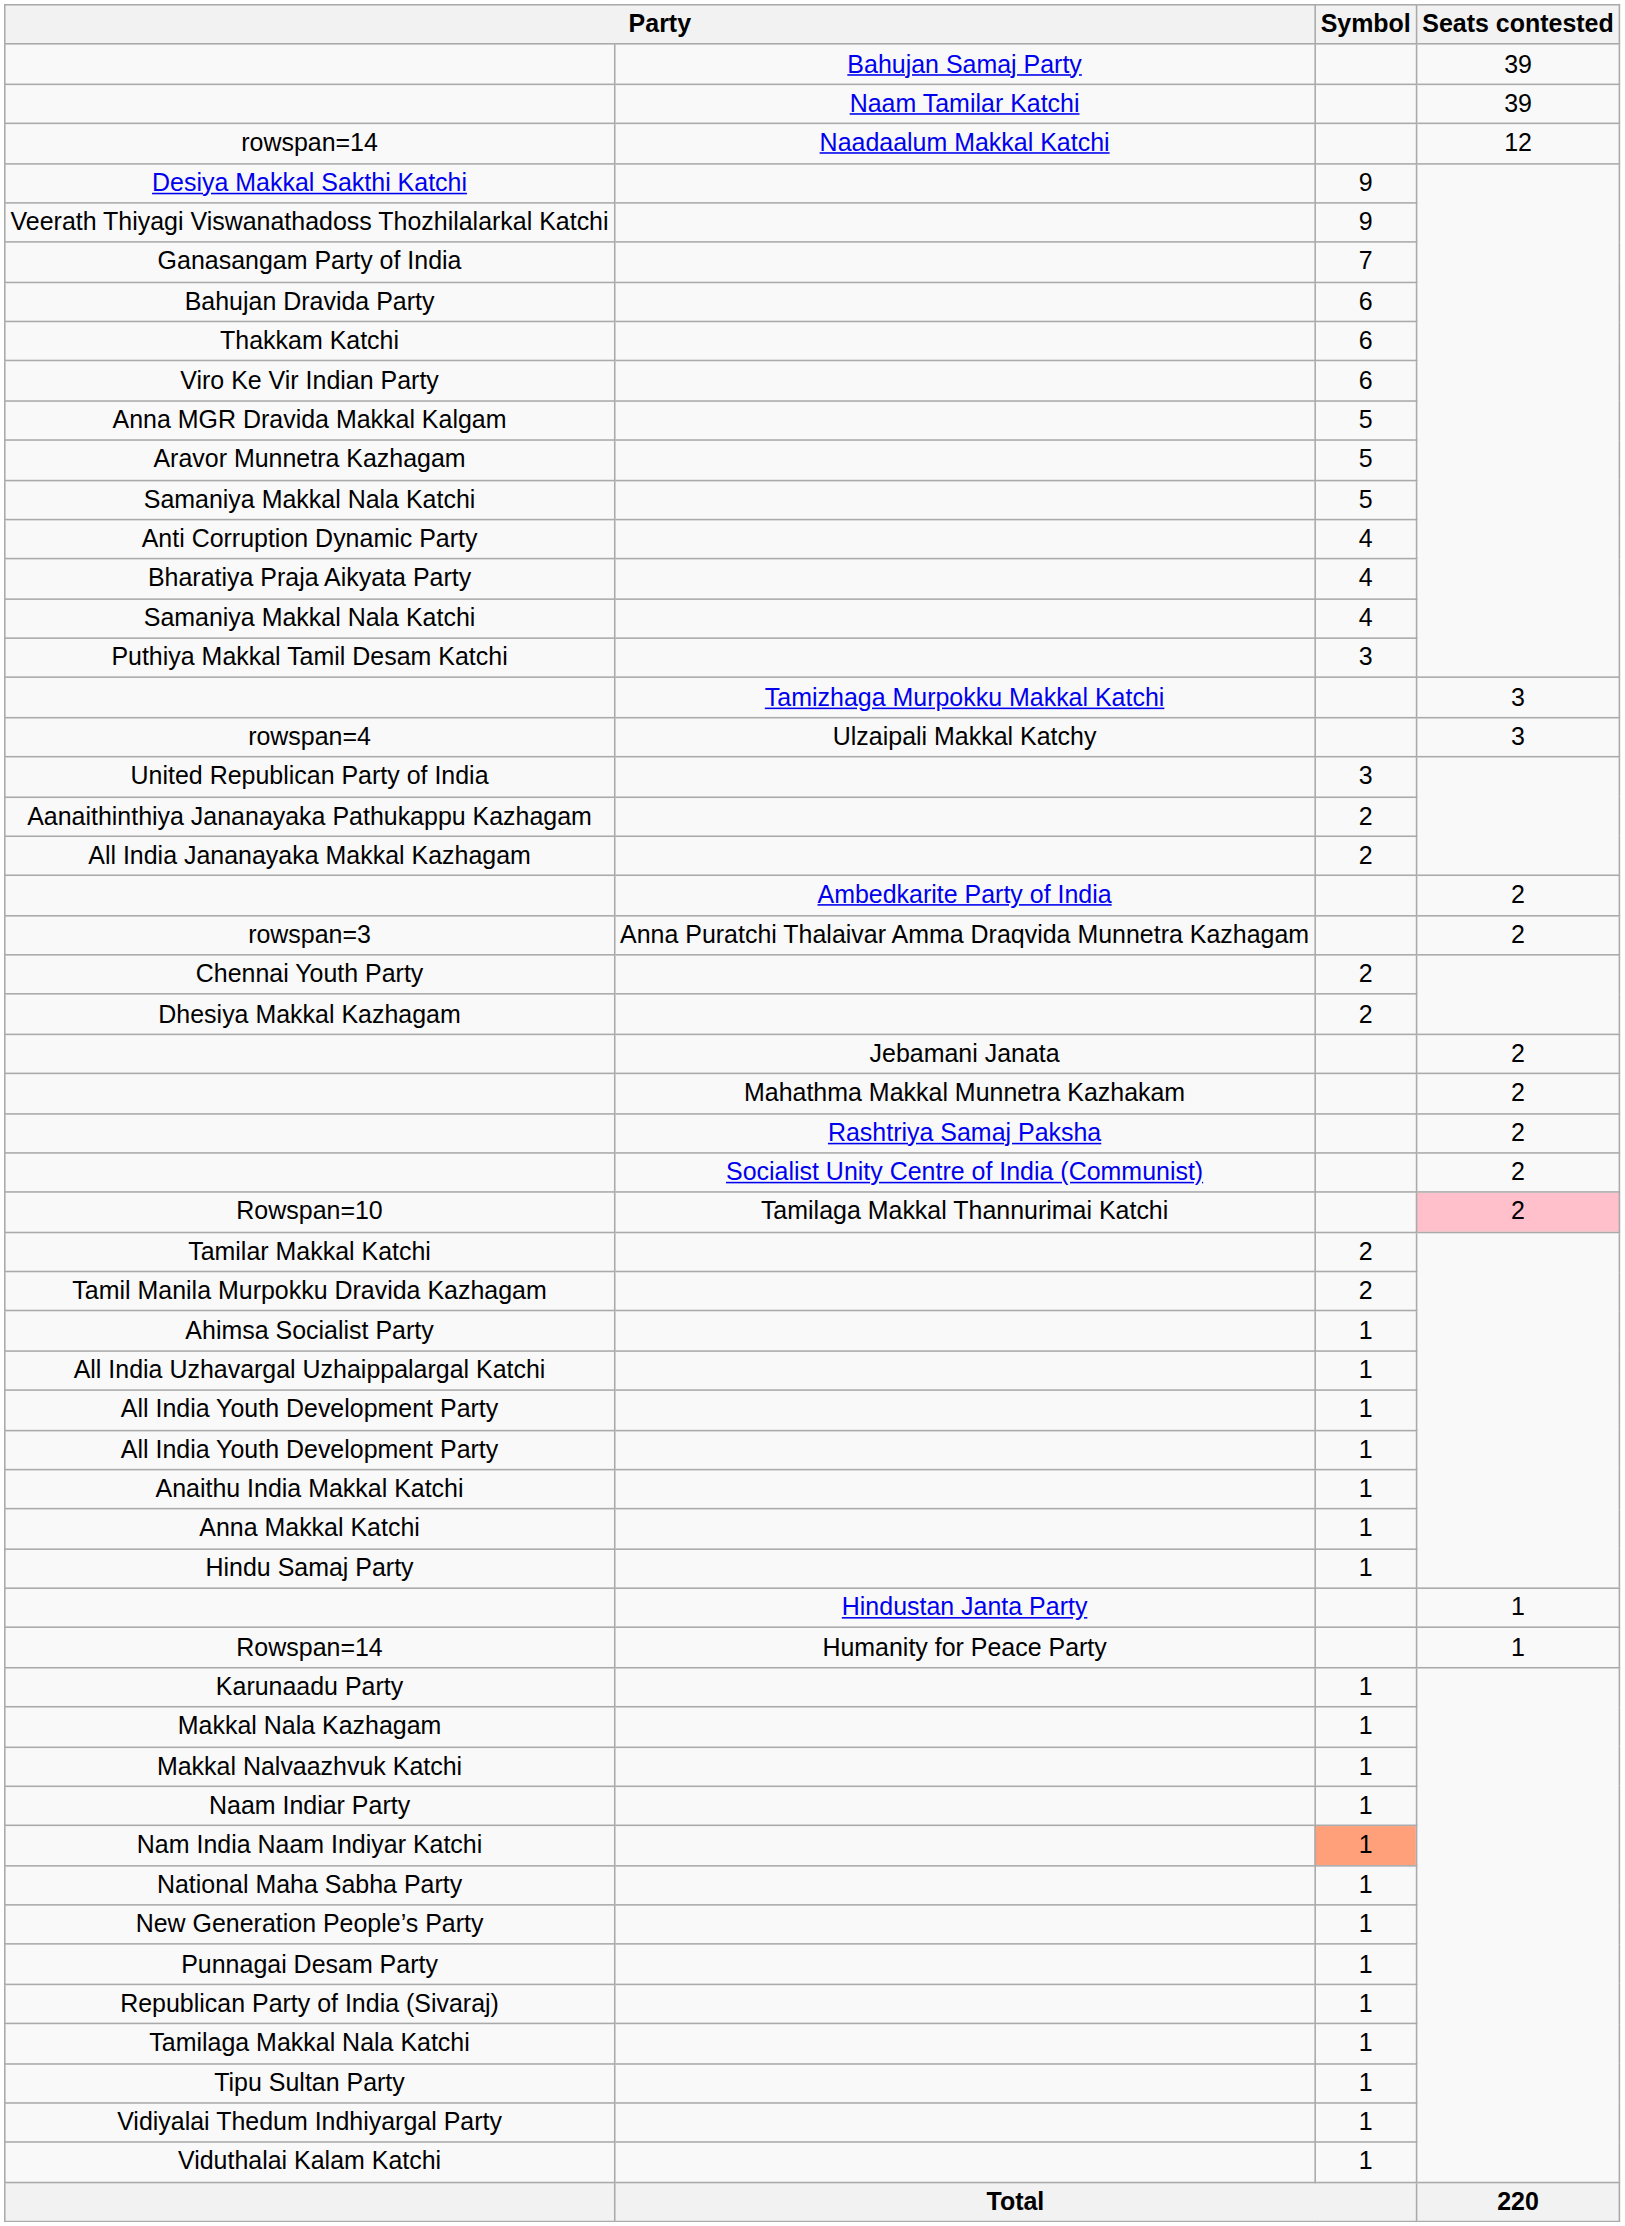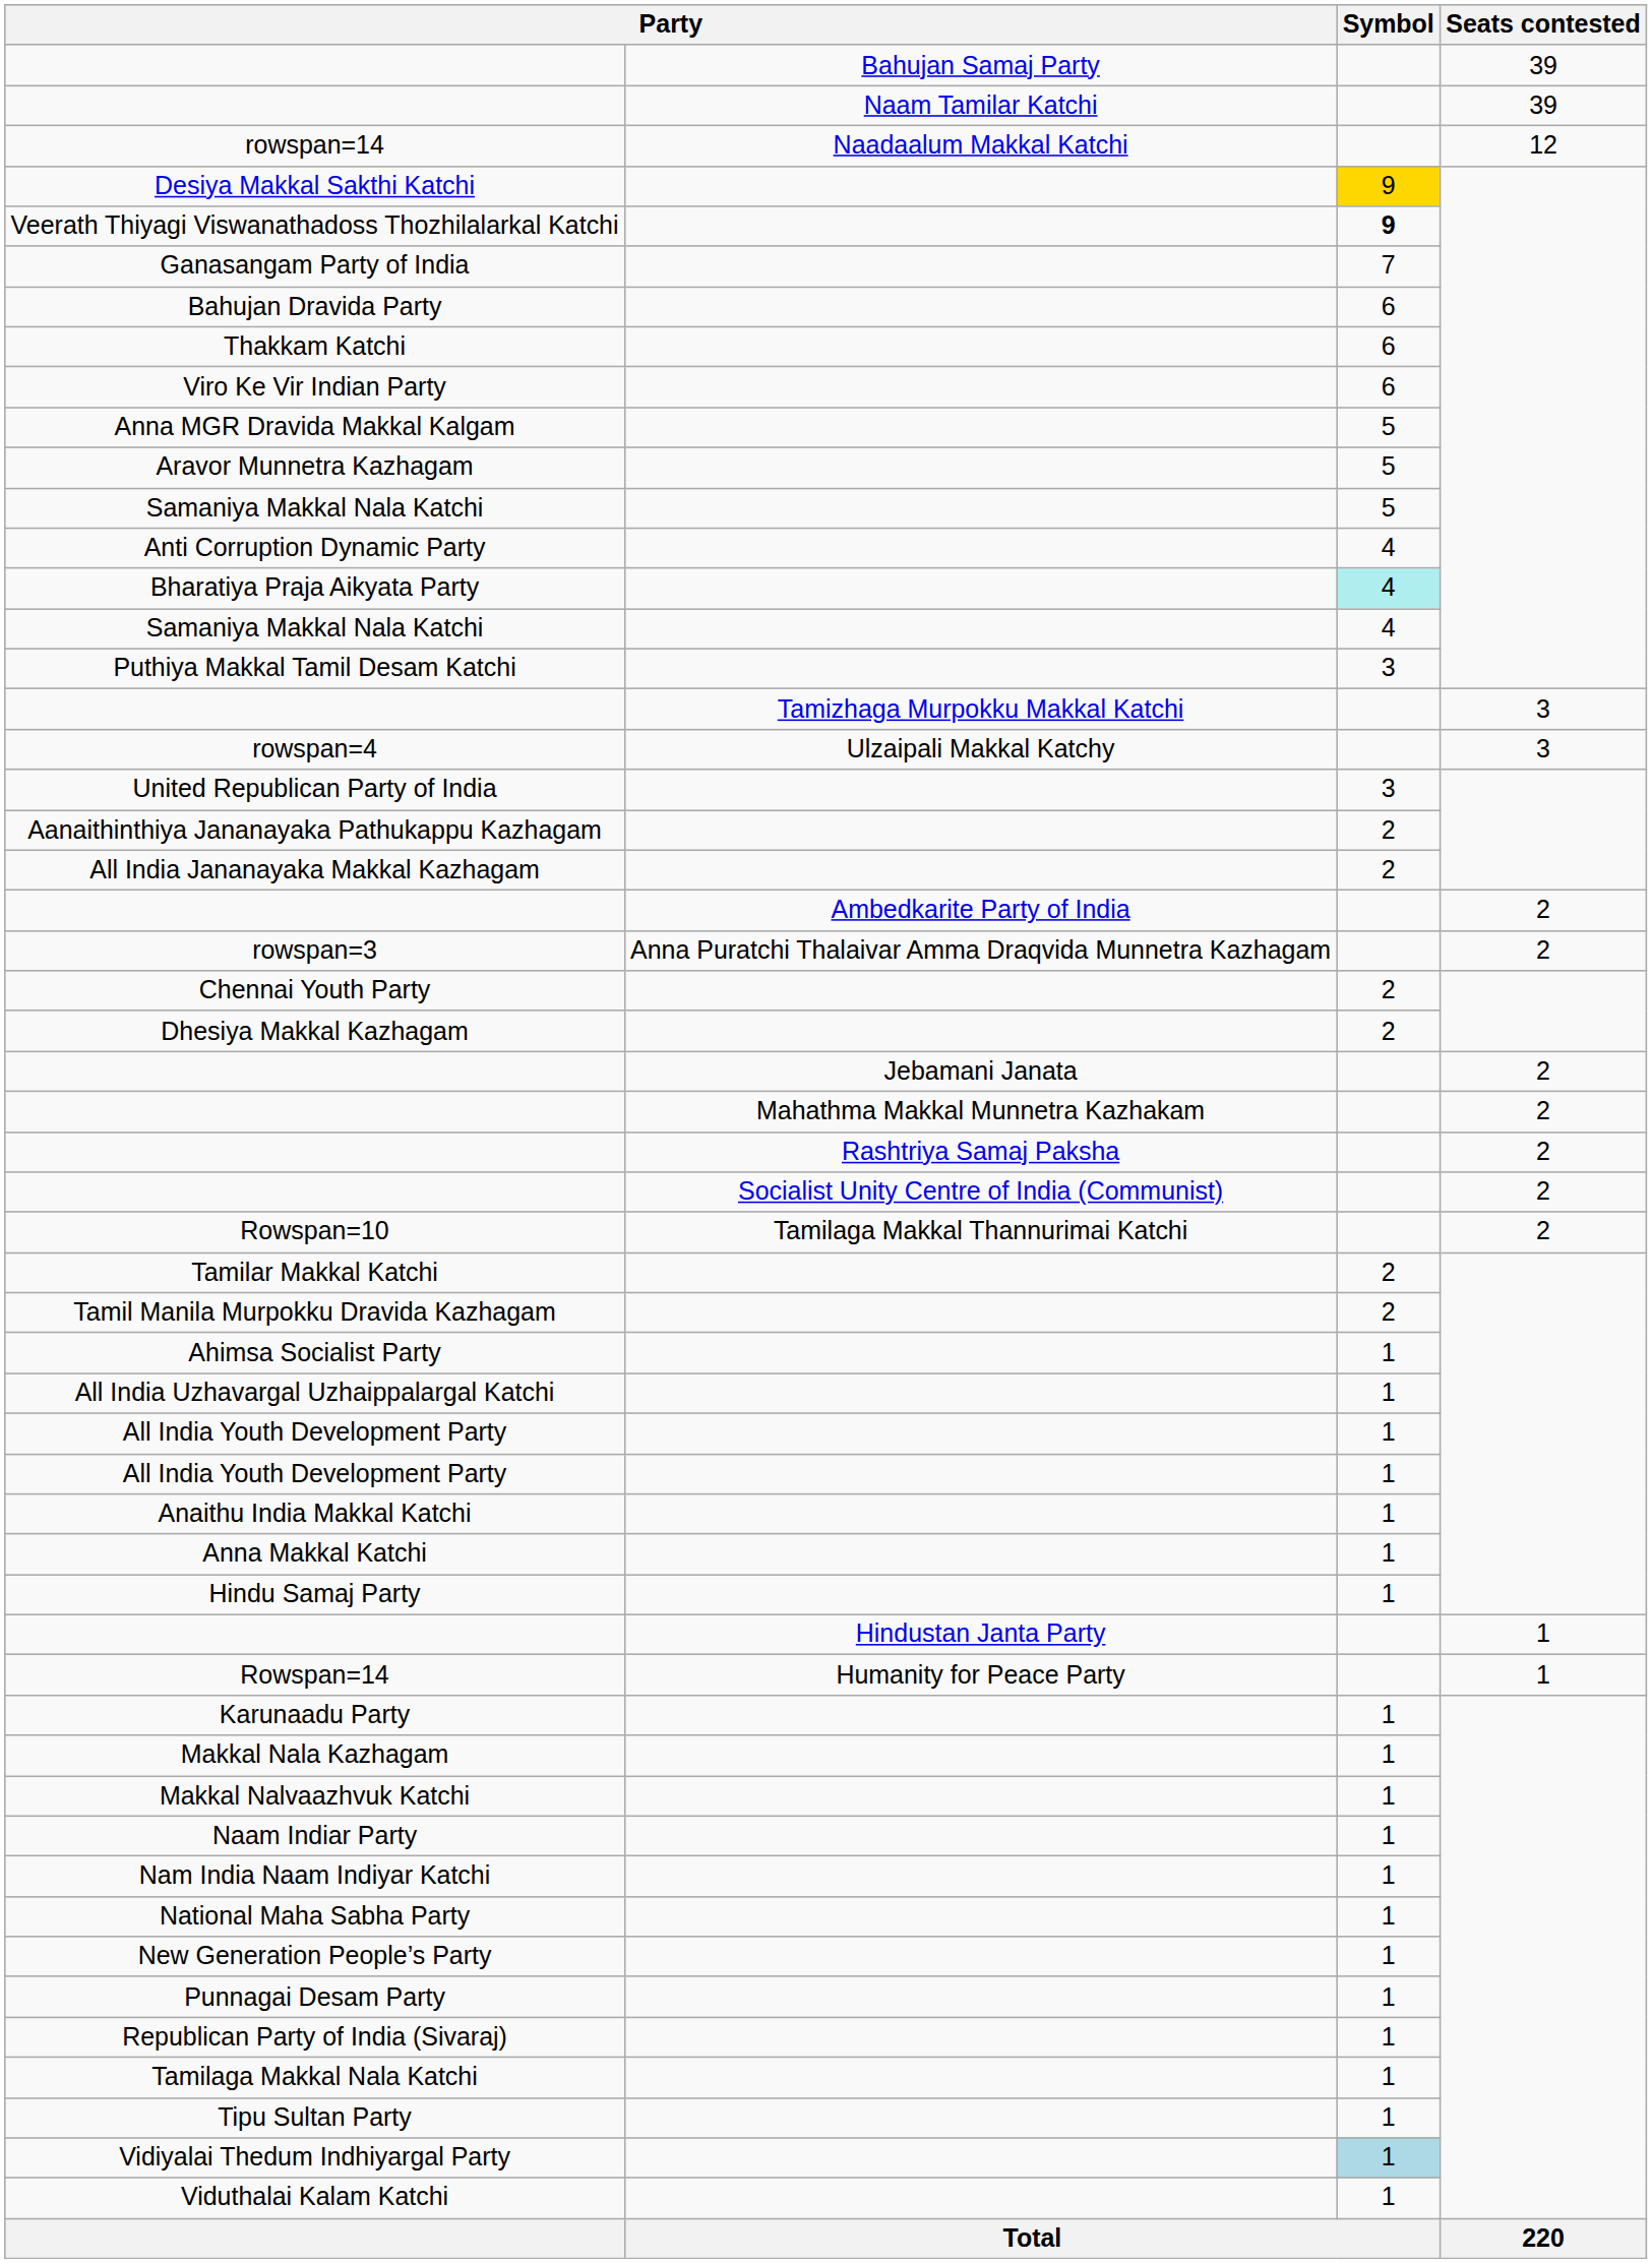 <table class="wikitable " style="text-align:center;">
 <tr>
 <th colspan=2>Party</th>
 <th>Symbol</th>
 <th>Seats contested</th>
 </tr>
 <tr>
 <td></td>
 <td><a href='#'>Bahujan Samaj Party</a></td>
 <td></td>
 <td>39</td>
 </tr>
 <tr>
 <td></td>
 <td><a href='#'>Naam Tamilar Katchi</a></td>
 <td></td>
 <td>39</td>
 </tr>
 <tr>
 <td>rowspan=14 </td>
 <td><a href='#'>Naadaalum Makkal Katchi</a></td>
 <td></td>
 <td>12</td>
 </tr>
 <tr>
 <td><a href='#'>Desiya Makkal Sakthi Katchi</a></td>
 <td></td>
-<td>9</td>
+<td style="background: gold;">9</td>
 </tr>
 <tr>
 <td>Veerath Thiyagi Viswanathadoss Thozhilalarkal Katchi</td>
 <td></td>
-<td>9</td>
+<td><strong>9</strong></td>
 </tr>
 <tr>
 <td>Ganasangam Party of India</td>
 <td></td>
 <td>7</td>
 </tr>
 <tr>
 <td>Bahujan Dravida Party</td>
 <td></td>
 <td>6</td>
 </tr>
 <tr>
 <td>Thakkam Katchi</td>
 <td></td>
 <td>6</td>
 </tr>
 <tr>
 <td>Viro Ke Vir Indian Party</td>
 <td></td>
 <td>6</td>
 </tr>
 <tr>
 <td>Anna MGR Dravida Makkal Kalgam</td>
 <td></td>
 <td>5</td>
 </tr>
 <tr>
 <td>Aravor Munnetra Kazhagam</td>
 <td></td>
 <td>5</td>
 </tr>
 <tr>
 <td>Samaniya Makkal Nala Katchi</td>
 <td></td>
 <td>5</td>
 </tr>
 <tr>
 <td>Anti Corruption Dynamic Party</td>
 <td></td>
 <td>4</td>
 </tr>
 <tr>
 <td>Bharatiya Praja Aikyata Party</td>
 <td></td>
-<td>4</td>
+<td style="background: paleturquoise;">4</td>
 </tr>
 <tr>
 <td>Samaniya Makkal Nala Katchi</td>
 <td></td>
 <td>4</td>
 </tr>
 <tr>
 <td>Puthiya Makkal Tamil Desam Katchi</td>
 <td></td>
 <td>3</td>
 </tr>
 <tr>
 <td></td>
 <td><a href='#'>Tamizhaga Murpokku Makkal Katchi</a></td>
 <td></td>
 <td>3</td>
 </tr>
 <tr>
 <td>rowspan=4 </td>
 <td>Ulzaipali Makkal Katchy</td>
 <td></td>
 <td>3</td>
 </tr>
 <tr>
 <td>United Republican Party of India</td>
 <td></td>
 <td>3</td>
 </tr>
 <tr>
 <td>Aanaithinthiya Jananayaka Pathukappu Kazhagam</td>
 <td></td>
 <td>2</td>
 </tr>
 <tr>
 <td>All India Jananayaka Makkal Kazhagam</td>
 <td></td>
 <td>2</td>
 </tr>
 <tr>
 <td></td>
 <td><a href='#'>Ambedkarite Party of India</a></td>
 <td></td>
 <td>2</td>
 </tr>
 <tr>
 <td>rowspan=3 </td>
 <td>Anna Puratchi Thalaivar Amma Draqvida Munnetra Kazhagam</td>
 <td></td>
 <td>2</td>
 </tr>
 <tr>
 <td>Chennai Youth Party</td>
 <td></td>
 <td>2</td>
 </tr>
 <tr>
 <td>Dhesiya Makkal Kazhagam</td>
 <td></td>
 <td>2</td>
 </tr>
 <tr>
 <td></td>
 <td>Jebamani Janata</td>
 <td></td>
 <td>2</td>
 </tr>
 <tr>
 <td></td>
 <td>Mahathma Makkal Munnetra Kazhakam</td>
 <td></td>
 <td>2</td>
 </tr>
 <tr>
 <td></td>
 <td><a href='#'>Rashtriya Samaj Paksha</a></td>
 <td></td>
 <td>2</td>
 </tr>
 <tr>
 <td></td>
 <td><a href='#'>Socialist Unity Centre of India (Communist)</a></td>
 <td></td>
 <td>2</td>
 </tr>
 <tr>
 <td>Rowspan=10 </td>
 <td>Tamilaga Makkal Thannurimai Katchi</td>
 <td></td>
-<td style="background: pink;">2</td>
+<td>2</td>
 </tr>
 <tr>
 <td>Tamilar Makkal Katchi</td>
 <td></td>
 <td>2</td>
 </tr>
 <tr>
 <td>Tamil Manila Murpokku Dravida Kazhagam</td>
 <td></td>
 <td>2</td>
 </tr>
 <tr>
 <td>Ahimsa Socialist Party</td>
 <td></td>
 <td>1</td>
 </tr>
 <tr>
 <td>All India Uzhavargal Uzhaippalargal Katchi</td>
 <td></td>
 <td>1</td>
 </tr>
 <tr>
 <td>All India Youth Development Party</td>
 <td></td>
 <td>1</td>
 </tr>
 <tr>
 <td>All India Youth Development Party</td>
 <td></td>
 <td>1</td>
 </tr>
 <tr>
 <td>Anaithu India Makkal Katchi</td>
 <td></td>
 <td>1</td>
 </tr>
 <tr>
 <td>Anna Makkal Katchi</td>
 <td></td>
 <td>1</td>
 </tr>
 <tr>
 <td>Hindu Samaj Party</td>
 <td></td>
 <td>1</td>
 </tr>
 <tr>
 <td></td>
 <td><a href='#'>Hindustan Janta Party</a></td>
 <td></td>
 <td>1</td>
 </tr>
 <tr>
 <td>Rowspan=14 </td>
 <td>Humanity for Peace Party</td>
 <td></td>
 <td>1</td>
 </tr>
 <tr>
 <td>Karunaadu Party</td>
 <td></td>
 <td>1</td>
 </tr>
 <tr>
 <td>Makkal Nala Kazhagam</td>
 <td></td>
 <td>1</td>
 </tr>
 <tr>
 <td>Makkal Nalvaazhvuk Katchi</td>
 <td></td>
 <td>1</td>
 </tr>
 <tr>
 <td>Naam Indiar Party</td>
 <td></td>
 <td>1</td>
 </tr>
 <tr>
 <td>Nam India Naam Indiyar Katchi</td>
 <td></td>
-<td style="background: lightsalmon;">1</td>
+<td>1</td>
 </tr>
 <tr>
 <td>National Maha Sabha Party</td>
 <td></td>
 <td>1</td>
 </tr>
 <tr>
 <td>New Generation People’s Party</td>
 <td></td>
 <td>1</td>
 </tr>
 <tr>
 <td>Punnagai Desam Party</td>
 <td></td>
 <td>1</td>
 </tr>
 <tr>
 <td>Republican Party of India (Sivaraj)</td>
 <td></td>
 <td>1</td>
 </tr>
 <tr>
 <td>Tamilaga Makkal Nala Katchi</td>
 <td></td>
 <td>1</td>
 </tr>
 <tr>
 <td>Tipu Sultan Party</td>
 <td></td>
 <td>1</td>
 </tr>
 <tr>
 <td>Vidiyalai Thedum Indhiyargal Party</td>
 <td></td>
-<td>1</td>
+<td style="background: lightblue;">1</td>
 </tr>
 <tr>
 <td>Viduthalai Kalam Katchi</td>
 <td></td>
 <td>1</td>
 </tr>
 <tr>
 <th></th>
 <th colspan="2">Total</th>
 <th>220</th>
 </tr>
 </table>
